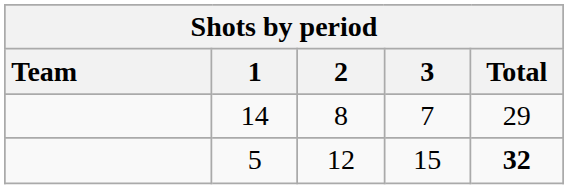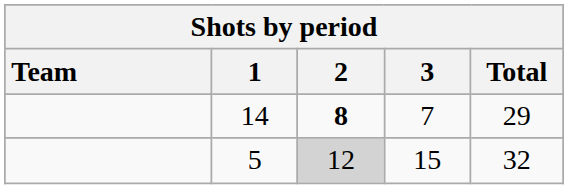 <table class="wikitable" style="width:20em; text-align:right;">
 <tr>
 <th colspan=6>Shots by period</th>
 </tr>
 <tr>
 <th style="width:8em; text-align:left;">Team</th>
 <th style="width:3em;">1</th>
 <th style="width:3em;">2</th>
 <th style="width:3em;">3</th>
 <th style="width:3em;">Total</th>
 </tr>
 <tr>
 <td style="text-align:left;"></td>
 <td align=center>14</td>
-<td align=center>8</td>
+<td align=center><strong>8</strong></td>
 <td align=center>7</td>
 <td align=center>29</td>
 </tr>
 <tr>
 <td style="text-align:left;"></td>
 <td align=center>5</td>
-<td align=center>12</td>
+<td align=center style="background: lightgrey;">12</td>
 <td align=center>15</td>
-<td align=center><strong>32</strong></td>
+<td align=center>32</td>
 </tr>
 </table>
